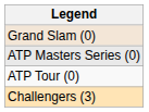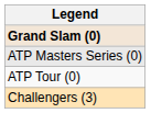 <table class=wikitable>
 <tr>
 <th>Legend</th>
 </tr>
 <tr bgcolor=f3e6d7>
-<td>Grand Slam (0)</td>
+<td><strong>Grand Slam (0)</strong></td>
 </tr>
 <tr bgcolor=e9e9e9>
 <td>ATP Masters Series (0)</td>
 </tr>
 <tr bgcolor=>
 <td>ATP Tour (0)</td>
 </tr>
 <tr bgcolor=moccasin>
 <td>Challengers (3)</td>
 </tr>
 </table>
